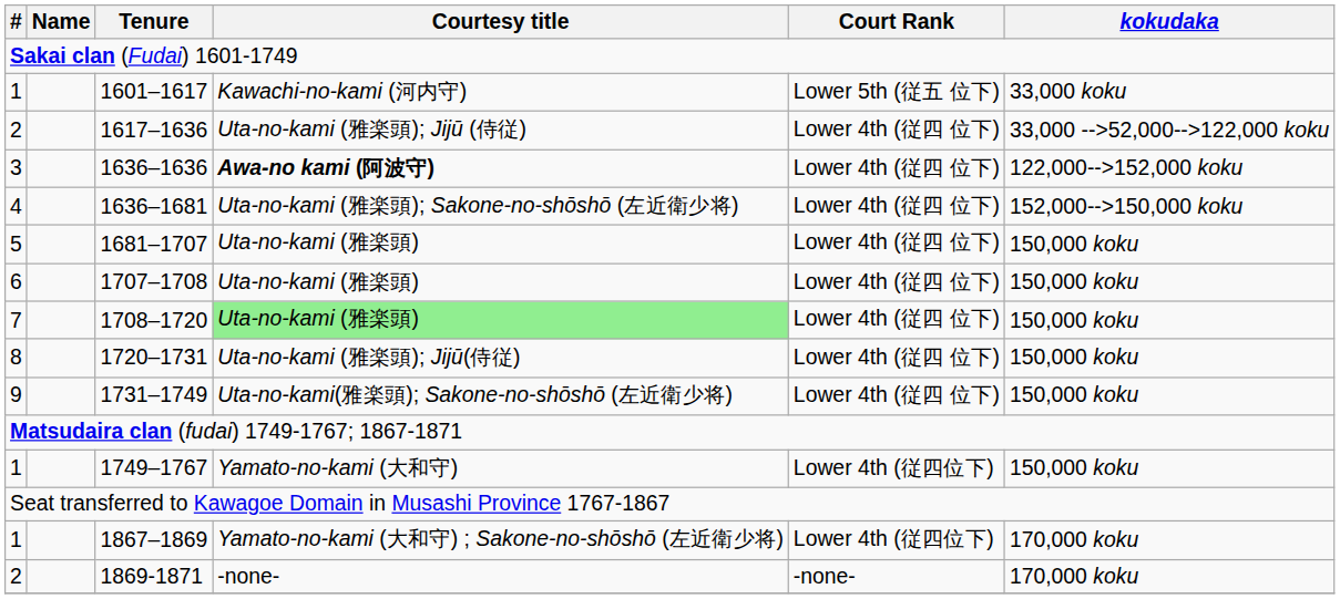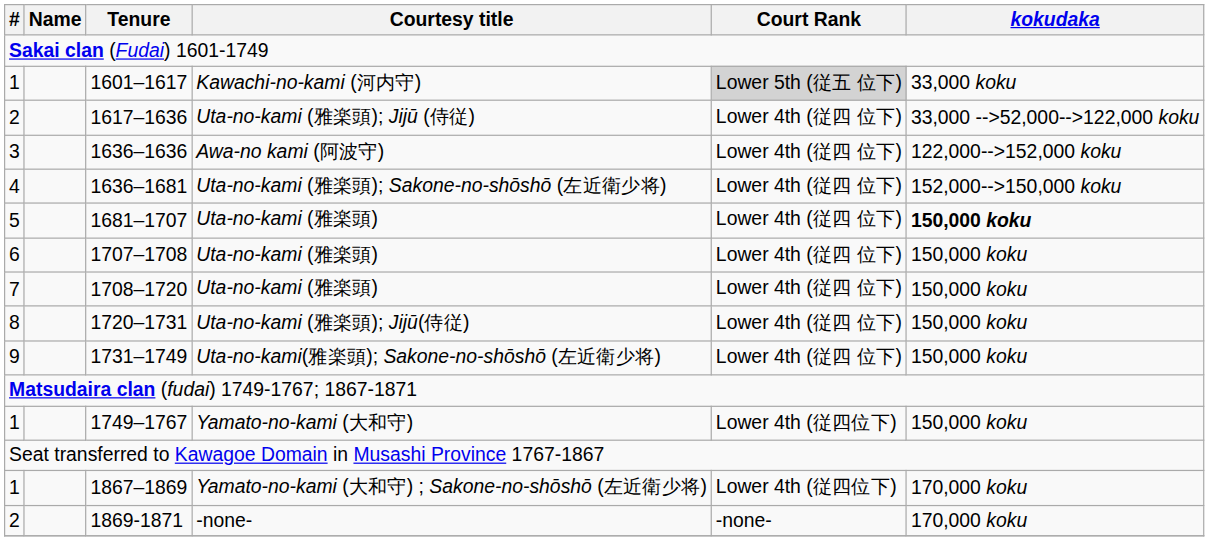 <table class=wikitable>
 <tr>
 <th>#</th>
 <th>Name</th>
 <th>Tenure</th>
 <th>Courtesy title</th>
 <th>Court Rank</th>
 <th><em><a href='#'>kokudaka</a></em></th>
 </tr>
 <tr>
 <td colspan=6> <strong><a href='#'>Sakai clan</a></strong> (<em><a href='#'>Fudai</a></em>) 1601-1749</td>
 </tr>
 <tr>
 <td>1</td>
 <td></td>
 <td>1601–1617</td>
 <td><em>Kawachi-no-kami</em> (河内守)</td>
-<td>Lower 5th (従五 位下)</td>
+<td style="background: lightgrey;">Lower 5th (従五 位下)</td>
 <td>33,000 <em>koku</em></td>
 </tr>
 <tr>
 <td>2</td>
 <td></td>
 <td>1617–1636</td>
 <td><em>Uta-no-kami</em> (雅楽頭); <em>Jijū</em> (侍従)</td>
 <td>Lower 4th (従四 位下)</td>
 <td>33,000 -->52,000-->122,000 <em>koku</em></td>
 </tr>
 <tr>
 <td>3</td>
 <td></td>
 <td>1636–1636</td>
-<td><strong><em>Awa-no kami</em> (阿波守)</strong></td>
+<td><em>Awa-no kami</em> (阿波守)</td>
 <td>Lower 4th (従四 位下)</td>
 <td>122,000-->152,000 <em>koku</em></td>
 </tr>
 <tr>
 <td>4</td>
 <td></td>
 <td>1636–1681</td>
 <td><em>Uta-no-kami</em> (雅楽頭); <em>Sakone-no-shōshō</em> (左近衛少将)</td>
 <td>Lower 4th (従四 位下)</td>
 <td>152,000-->150,000 <em>koku</em></td>
 </tr>
 <tr>
 <td>5</td>
 <td></td>
 <td>1681–1707</td>
 <td><em>Uta-no-kami</em> (雅楽頭)</td>
 <td>Lower 4th (従四 位下)</td>
-<td>150,000 <em>koku</em></td>
+<td><strong>150,000 <em>koku</em></strong></td>
 </tr>
 <tr>
 <td>6</td>
 <td></td>
 <td>1707–1708</td>
 <td><em>Uta-no-kami</em> (雅楽頭)</td>
 <td>Lower 4th (従四 位下)</td>
 <td>150,000 <em>koku</em></td>
 </tr>
 <tr>
 <td>7</td>
 <td></td>
 <td>1708–1720</td>
-<td style="background: lightgreen;"><em>Uta-no-kami</em> (雅楽頭)</td>
+<td><em>Uta-no-kami</em> (雅楽頭)</td>
 <td>Lower 4th (従四 位下)</td>
 <td>150,000 <em>koku</em></td>
 </tr>
 <tr>
 <td>8</td>
 <td></td>
 <td>1720–1731</td>
 <td><em>Uta-no-kami</em> (雅楽頭); <em>Jijū</em>(侍従)</td>
 <td>Lower 4th (従四 位下)</td>
 <td>150,000 <em>koku</em></td>
 </tr>
 <tr>
 <td>9</td>
 <td></td>
 <td>1731–1749</td>
 <td><em>Uta-no-kami</em>(雅楽頭); <em>Sakone-no-shōshō</em> (左近衛少将)</td>
 <td>Lower 4th (従四 位下)</td>
 <td>150,000 <em>koku</em></td>
 </tr>
 <tr>
 <td colspan=6> <strong><a href='#'>Matsudaira clan</a></strong> (<em>fudai</em>) 1749-1767; 1867-1871</td>
 </tr>
 <tr>
 <td>1</td>
 <td></td>
 <td>1749–1767</td>
 <td><em>Yamato-no-kami</em> (大和守)</td>
 <td>Lower 4th (従四位下)</td>
 <td>150,000 <em>koku</em></td>
 </tr>
 <tr>
 <td colspan=6>Seat transferred to <a href='#'>Kawagoe Domain</a> in <a href='#'>Musashi Province</a> 1767-1867</td>
 </tr>
 <tr>
 <td>1</td>
 <td></td>
 <td>1867–1869</td>
 <td><em>Yamato-no-kami</em> (大和守) ; <em>Sakone-no-shōshō</em> (左近衛少将)</td>
 <td>Lower 4th (従四位下)</td>
 <td>170,000 <em>koku</em></td>
 </tr>
 <tr>
 <td>2</td>
 <td></td>
 <td>1869-1871</td>
 <td>-none-</td>
 <td>-none-</td>
 <td>170,000 <em>koku</em></td>
 </tr>
 <tr>
 </tr>
 </table>
